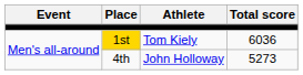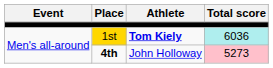 <table class=wikitable>
 <tr>
 <th>Event</th>
 <th>Place</th>
 <th>Athlete</th>
 <th>Total score</th>
 </tr>
 <tr bgcolor=black>
 <td colspan=4></td>
 </tr>
 <tr align=center>
 <td rowspan=2><a href='#'>Men's all-around</a></td>
 <td bgcolor=gold>1st</td>
-<td align=left><a href='#'>Tom Kiely</a></td>
-<td>6036</td>
+<td align=left><strong><a href='#'>Tom Kiely</a></strong></td>
+<td style="background: paleturquoise;">6036</td>
 </tr>
 <tr align=center>
-<td>4th</td>
+<td><strong>4th</strong></td>
 <td align=left><a href='#'>John Holloway</a></td>
-<td>5273</td>
+<td style="background: pink;">5273</td>
 </tr>
 </table>
